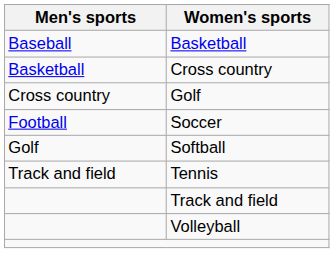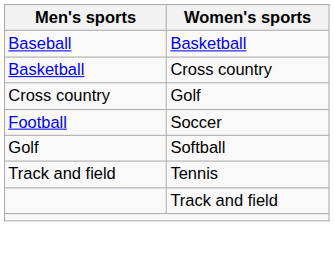 <table class="wikitable" style= " ">
 <tr>
 <th width=150px>Men's sports</th>
 <th width=150px>Women's sports</th>
 </tr>
 <tr>
 <td><a href='#'>Baseball</a></td>
 <td><a href='#'>Basketball</a></td>
 </tr>
 <tr>
 <td><a href='#'>Basketball</a></td>
 <td>Cross country</td>
 </tr>
 <tr>
 <td>Cross country</td>
 <td>Golf</td>
 </tr>
 <tr>
 <td><a href='#'>Football</a></td>
 <td>Soccer</td>
 </tr>
 <tr>
 <td>Golf</td>
 <td>Softball</td>
 </tr>
 <tr>
 <td>Track and field</td>
 <td>Tennis</td>
 </tr>
 <tr>
 <td></td>
 <td>Track and field</td>
 </tr>
 <tr>
-<td></td>
-<td>Volleyball</td>
-</tr>
-<tr>
 <td colspan="2"></td>
 </tr>
 </table>
